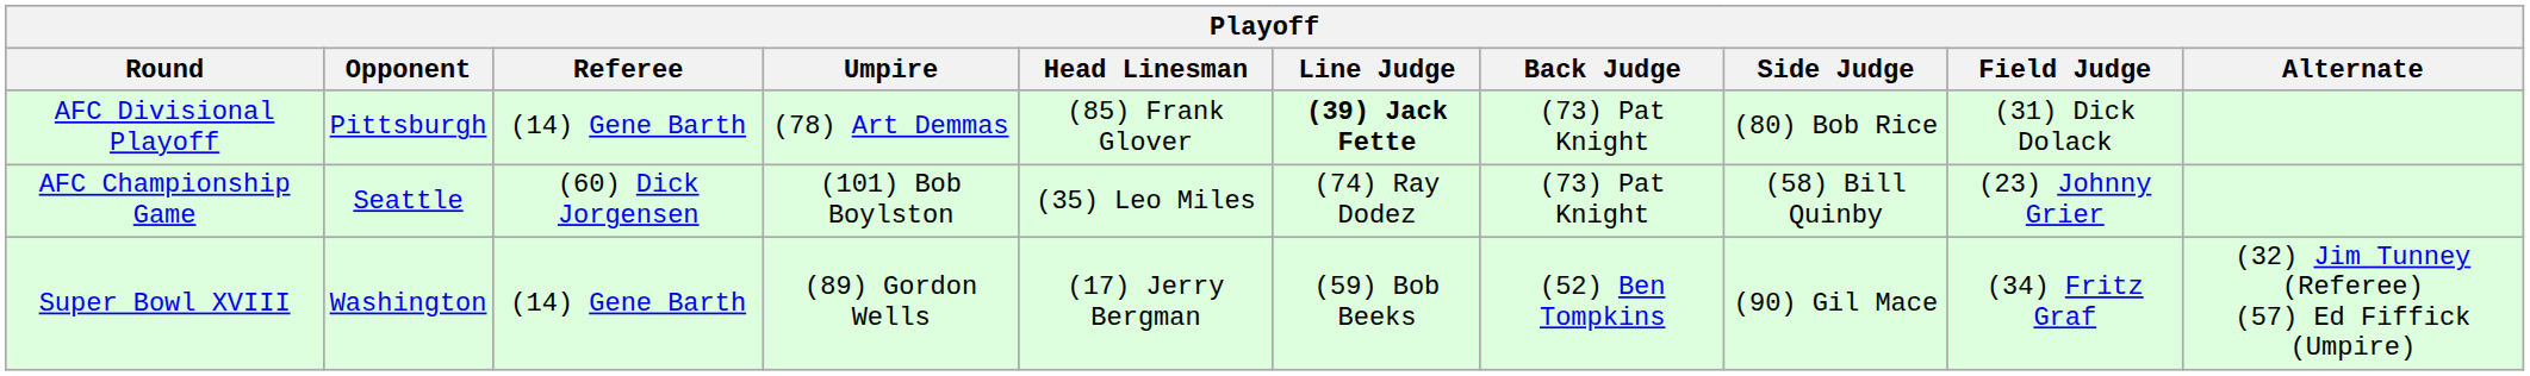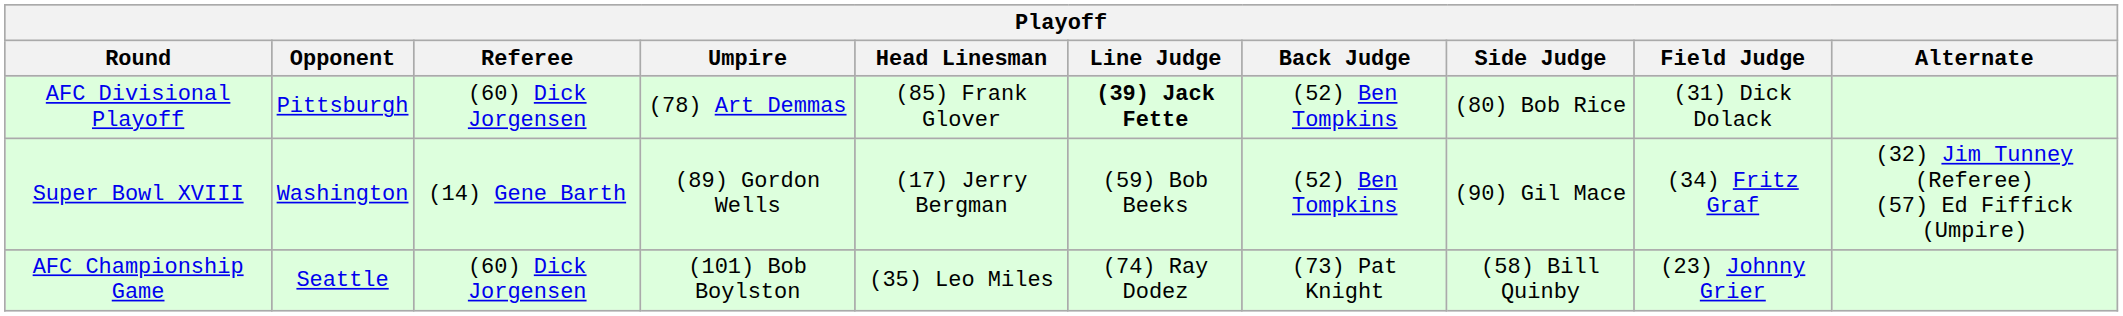 <table class="wikitable" style="text-align:center">
 <tr>
 <th colspan="10">Playoff</th>
 </tr>
 <tr>
 <th>Round</th>
 <th>Opponent</th>
 <th>Referee</th>
 <th>Umpire</th>
 <th>Head Linesman</th>
 <th>Line Judge</th>
 <th>Back Judge</th>
 <th>Side Judge</th>
 <th>Field Judge</th>
 <th>Alternate</th>
 </tr>
 <tr style="background: #ddffdd;">
 <td><a href='#'>AFC Divisional Playoff</a></td>
 <td><a href='#'>Pittsburgh</a></td>
-<td>(14) <a href='#'>Gene Barth</a></td>
+<td>(60) <a href='#'>Dick Jorgensen</a></td>
 <td>(78) <a href='#'>Art Demmas</a></td>
 <td>(85) Frank Glover</td>
 <td><strong>(39) Jack Fette</strong></td>
-<td>(73) Pat Knight</td>
+<td>(52) <a href='#'>Ben Tompkins</a></td>
 <td>(80) Bob Rice</td>
 <td>(31) Dick Dolack</td>
-<td></td>
-</tr>
-<tr style="background: #ddffdd;">
-<td><a href='#'>AFC Championship Game</a></td>
-<td><a href='#'>Seattle</a></td>
-<td>(60) <a href='#'>Dick Jorgensen</a></td>
-<td>(101) Bob Boylston</td>
-<td>(35) Leo Miles</td>
-<td>(74) Ray Dodez</td>
-<td>(73) Pat Knight</td>
-<td>(58) Bill Quinby</td>
-<td>(23) <a href='#'>Johnny Grier</a></td>
 <td></td>
 </tr>
 <tr style="background: #ddffdd;">
 <td><a href='#'>Super Bowl XVIII</a></td>
 <td><a href='#'>Washington</a></td>
 <td>(14) <a href='#'>Gene Barth</a></td>
 <td>(89) Gordon Wells</td>
 <td>(17) Jerry Bergman</td>
 <td>(59) Bob Beeks</td>
 <td>(52) <a href='#'>Ben Tompkins</a></td>
 <td>(90) Gil Mace</td>
 <td>(34) <a href='#'>Fritz Graf</a></td>
 <td>(32) <a href='#'>Jim Tunney</a> (Referee)<br>(57) Ed Fiffick (Umpire)</td>
 </tr>
+<tr style="background: #ddffdd;">
+<td><a href='#'>AFC Championship Game</a></td>
+<td><a href='#'>Seattle</a></td>
+<td>(60) <a href='#'>Dick Jorgensen</a></td>
+<td>(101) Bob Boylston</td>
+<td>(35) Leo Miles</td>
+<td>(74) Ray Dodez</td>
+<td>(73) Pat Knight</td>
+<td>(58) Bill Quinby</td>
+<td>(23) <a href='#'>Johnny Grier</a></td>
+<td></td>
+</tr>
 </table>
